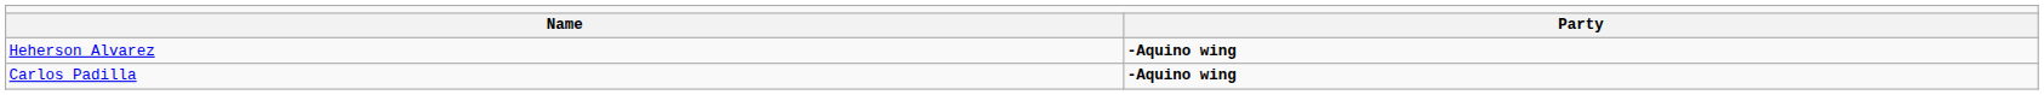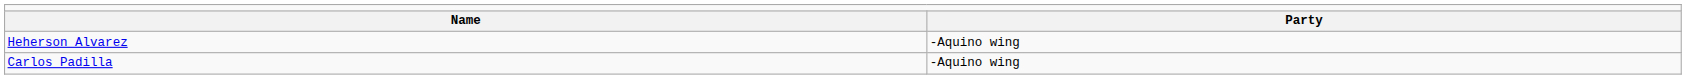 <table class=wikitable style="font-size:90%" width=99%>
 <tr>
 <td colspan=4 bgcolor=></td>
 </tr>
 <tr>
 <th width=55%>Name</th>
 <th colspan=2 width=110px>Party</th>
 </tr>
 <tr>
 <td><a href='#'>Heherson Alvarez</a></td>
-<td><strong>-Aquino wing</strong></td>
+<td>-Aquino wing</td>
 </tr>
 <tr>
 <td><a href='#'>Carlos Padilla</a></td>
-<td><strong>-Aquino wing</strong></td>
+<td>-Aquino wing</td>
 </tr>
 </table>
